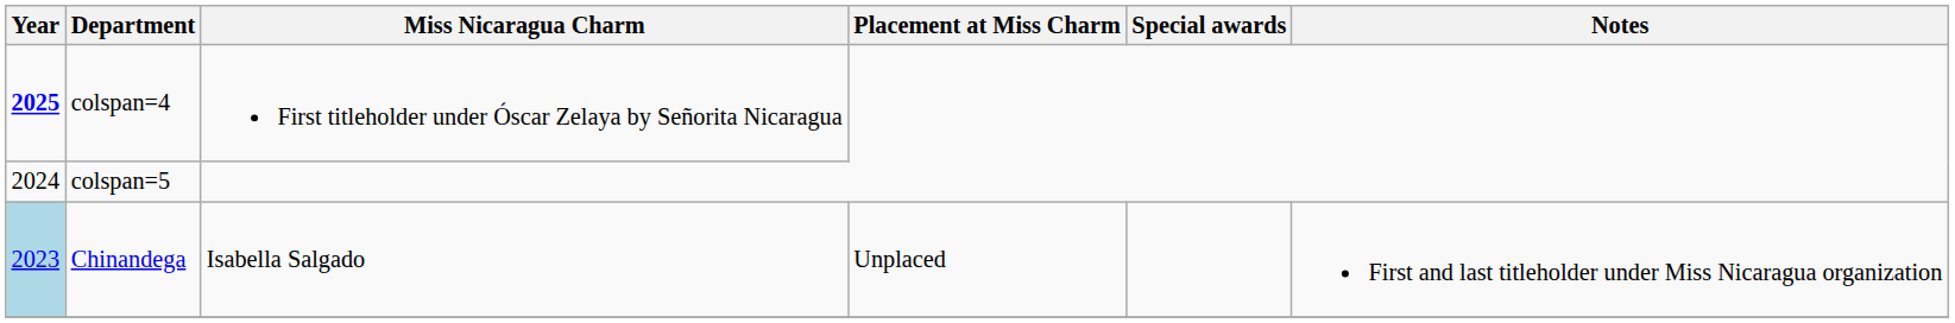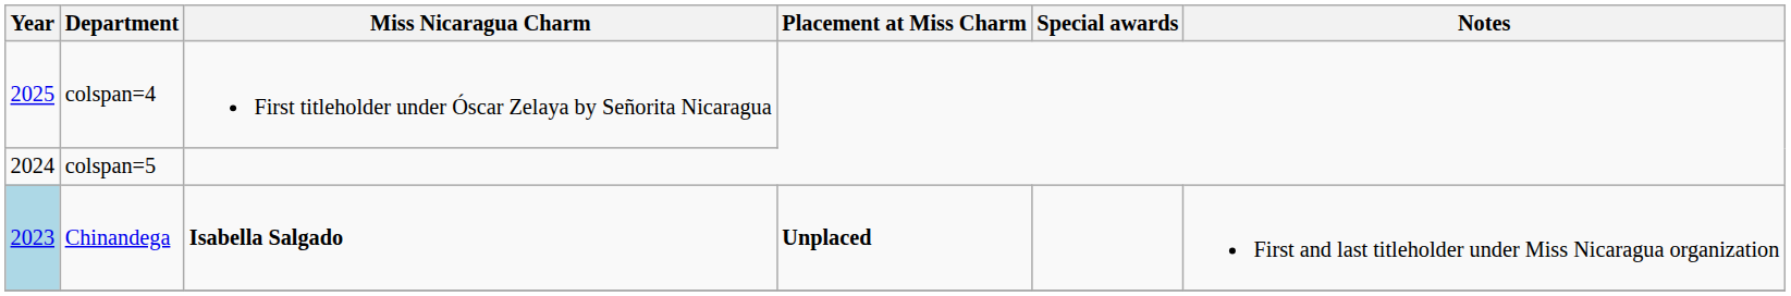 <table class="wikitable" style="font-size: 85%">
 <tr>
 <th>Year</th>
 <th>Department</th>
 <th>Miss Nicaragua Charm</th>
 <th>Placement at Miss Charm</th>
 <th>Special awards</th>
 <th>Notes</th>
 </tr>
 <tr>
-<td><strong><a href='#'>2025</a></strong></td>
+<td><a href='#'>2025</a></td>
 <td>colspan=4 </td>
 <td><br><ul><li>First titleholder under Óscar Zelaya by Señorita Nicaragua</li></ul></td>
 </tr>
 <tr>
 <td>2024</td>
 <td>colspan=5 </td>
 </tr>
 <tr>
 <td style="background: lightblue;"><a href='#'>2023</a></td>
 <td><a href='#'>Chinandega</a></td>
-<td>Isabella Salgado</td>
-<td>Unplaced</td>
+<td><strong>Isabella Salgado</strong></td>
+<td><strong>Unplaced</strong></td>
 <td></td>
 <td><br><ul><li>First and last titleholder under Miss Nicaragua organization</li></ul></td>
 </tr>
 <tr>
 </tr>
 </table>
